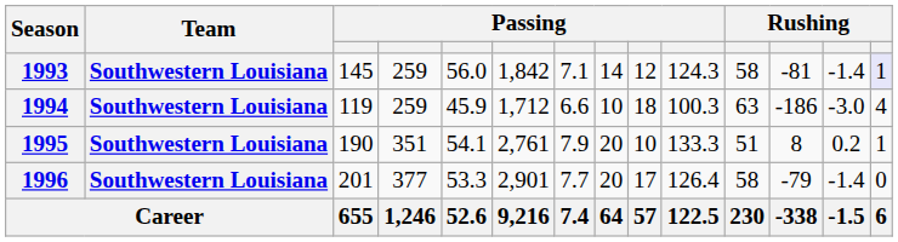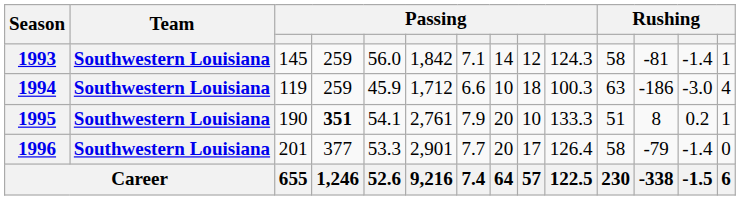 <table class="wikitable" style="text-align:center;">
 <tr>
 <th rowspan="2">Season</th>
 <th rowspan="2">Team</th>
 <th colspan="8">Passing</th>
 <th colspan="4">Rushing</th>
 </tr>
 <tr>
 <th></th>
 <th></th>
 <th></th>
 <th></th>
 <th></th>
 <th></th>
 <th></th>
 <th></th>
 <th></th>
 <th></th>
 <th></th>
 <th></th>
 </tr>
 <tr>
 <th><a href='#'>1993</a></th>
 <th><a href='#'>Southwestern Louisiana</a></th>
 <td>145</td>
 <td>259</td>
 <td>56.0</td>
 <td>1,842</td>
 <td>7.1</td>
 <td>14</td>
 <td>12</td>
 <td>124.3</td>
 <td>58</td>
 <td>-81</td>
 <td>-1.4</td>
-<td style="background: lavender;">1</td>
+<td>1</td>
 </tr>
 <tr>
 <th><a href='#'>1994</a></th>
 <th><a href='#'>Southwestern Louisiana</a></th>
 <td>119</td>
 <td>259</td>
 <td>45.9</td>
 <td>1,712</td>
 <td>6.6</td>
 <td>10</td>
 <td>18</td>
 <td>100.3</td>
 <td>63</td>
 <td>-186</td>
 <td>-3.0</td>
 <td>4</td>
 </tr>
 <tr>
 <th><a href='#'>1995</a></th>
 <th><a href='#'>Southwestern Louisiana</a></th>
 <td>190</td>
-<td>351</td>
+<td><strong>351</strong></td>
 <td>54.1</td>
 <td>2,761</td>
 <td>7.9</td>
 <td>20</td>
 <td>10</td>
 <td>133.3</td>
 <td>51</td>
 <td>8</td>
 <td>0.2</td>
 <td>1</td>
 </tr>
 <tr>
 <th><a href='#'>1996</a></th>
 <th><a href='#'>Southwestern Louisiana</a></th>
 <td>201</td>
 <td>377</td>
 <td>53.3</td>
 <td>2,901</td>
 <td>7.7</td>
 <td>20</td>
 <td>17</td>
 <td>126.4</td>
 <td>58</td>
 <td>-79</td>
 <td>-1.4</td>
 <td>0</td>
 </tr>
 <tr>
 <th colspan="2">Career</th>
 <th>655</th>
 <th>1,246</th>
 <th>52.6</th>
 <th>9,216</th>
 <th>7.4</th>
 <th>64</th>
 <th>57</th>
 <th>122.5</th>
 <th>230</th>
 <th>-338</th>
 <th>-1.5</th>
 <th>6</th>
 </tr>
 </table>
